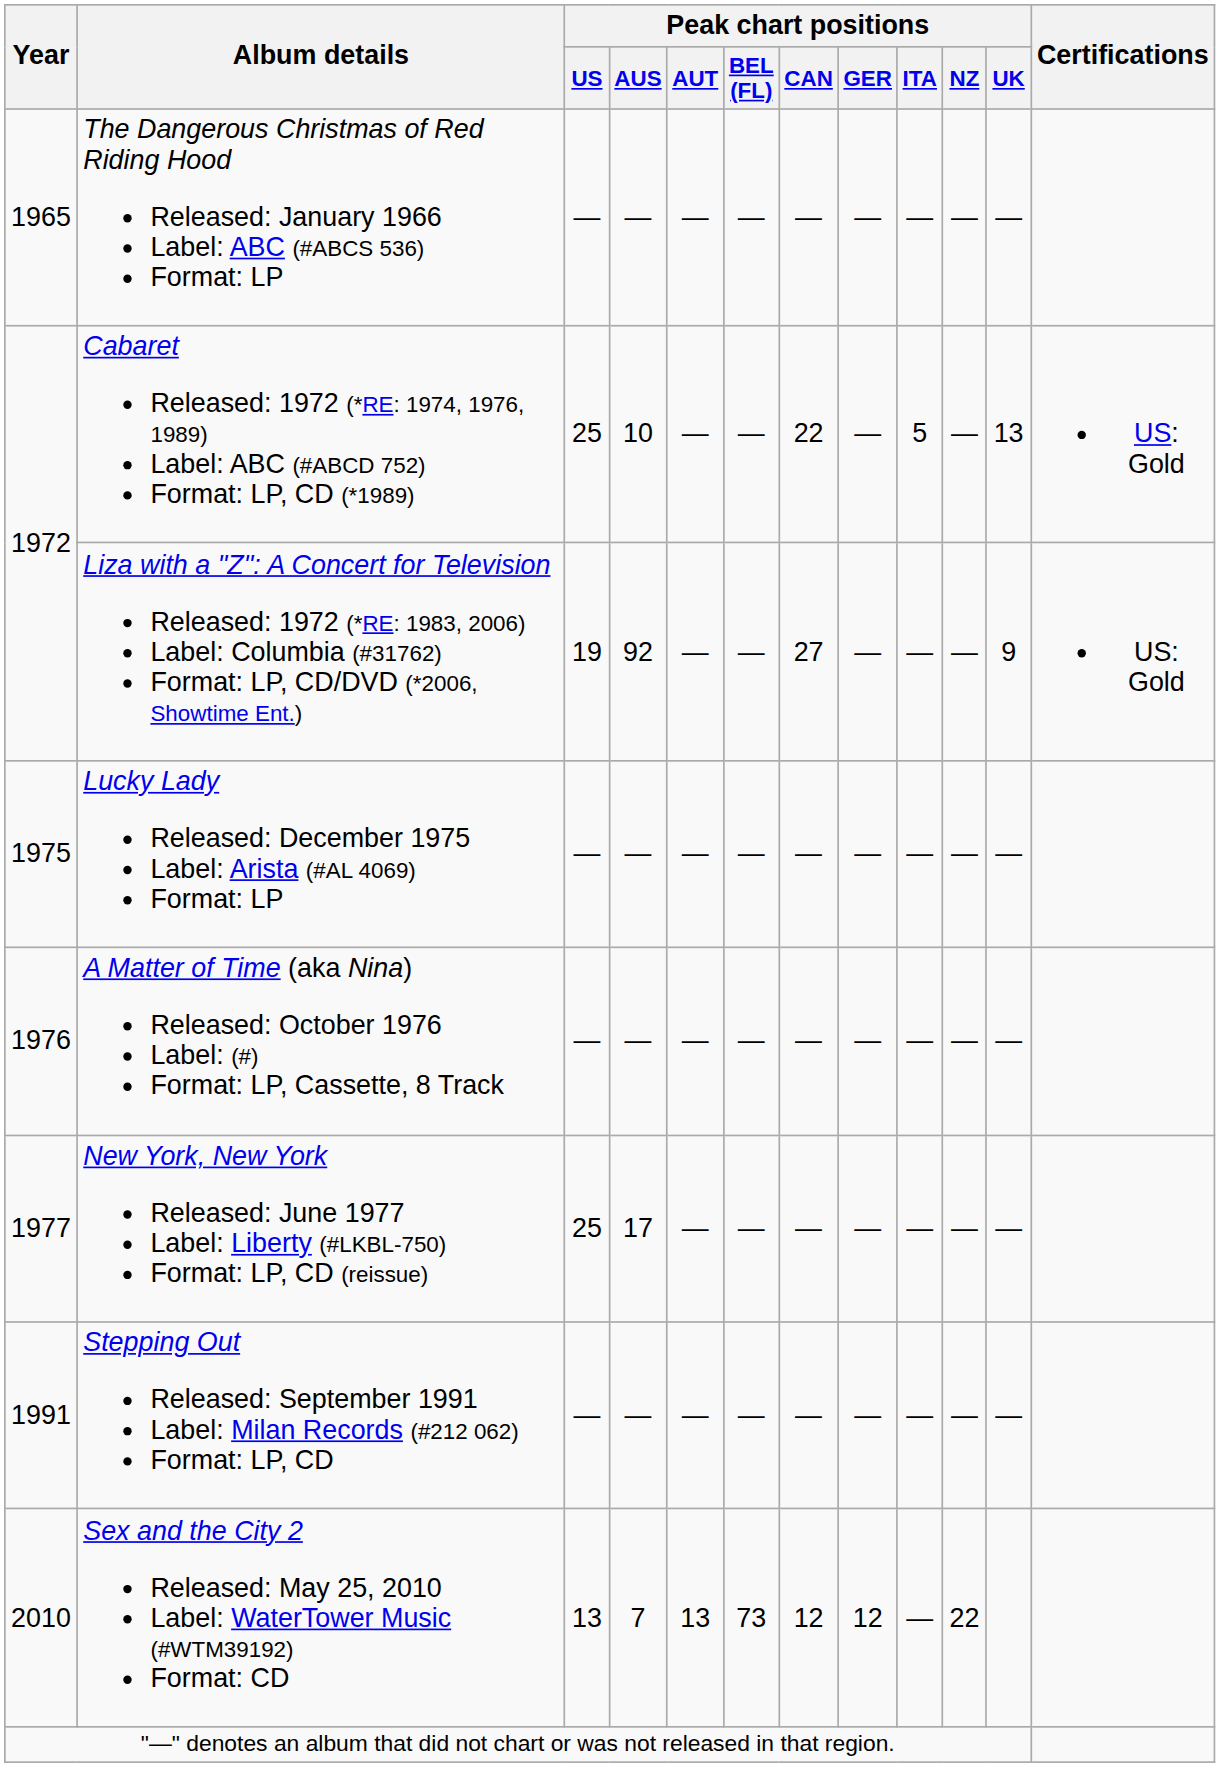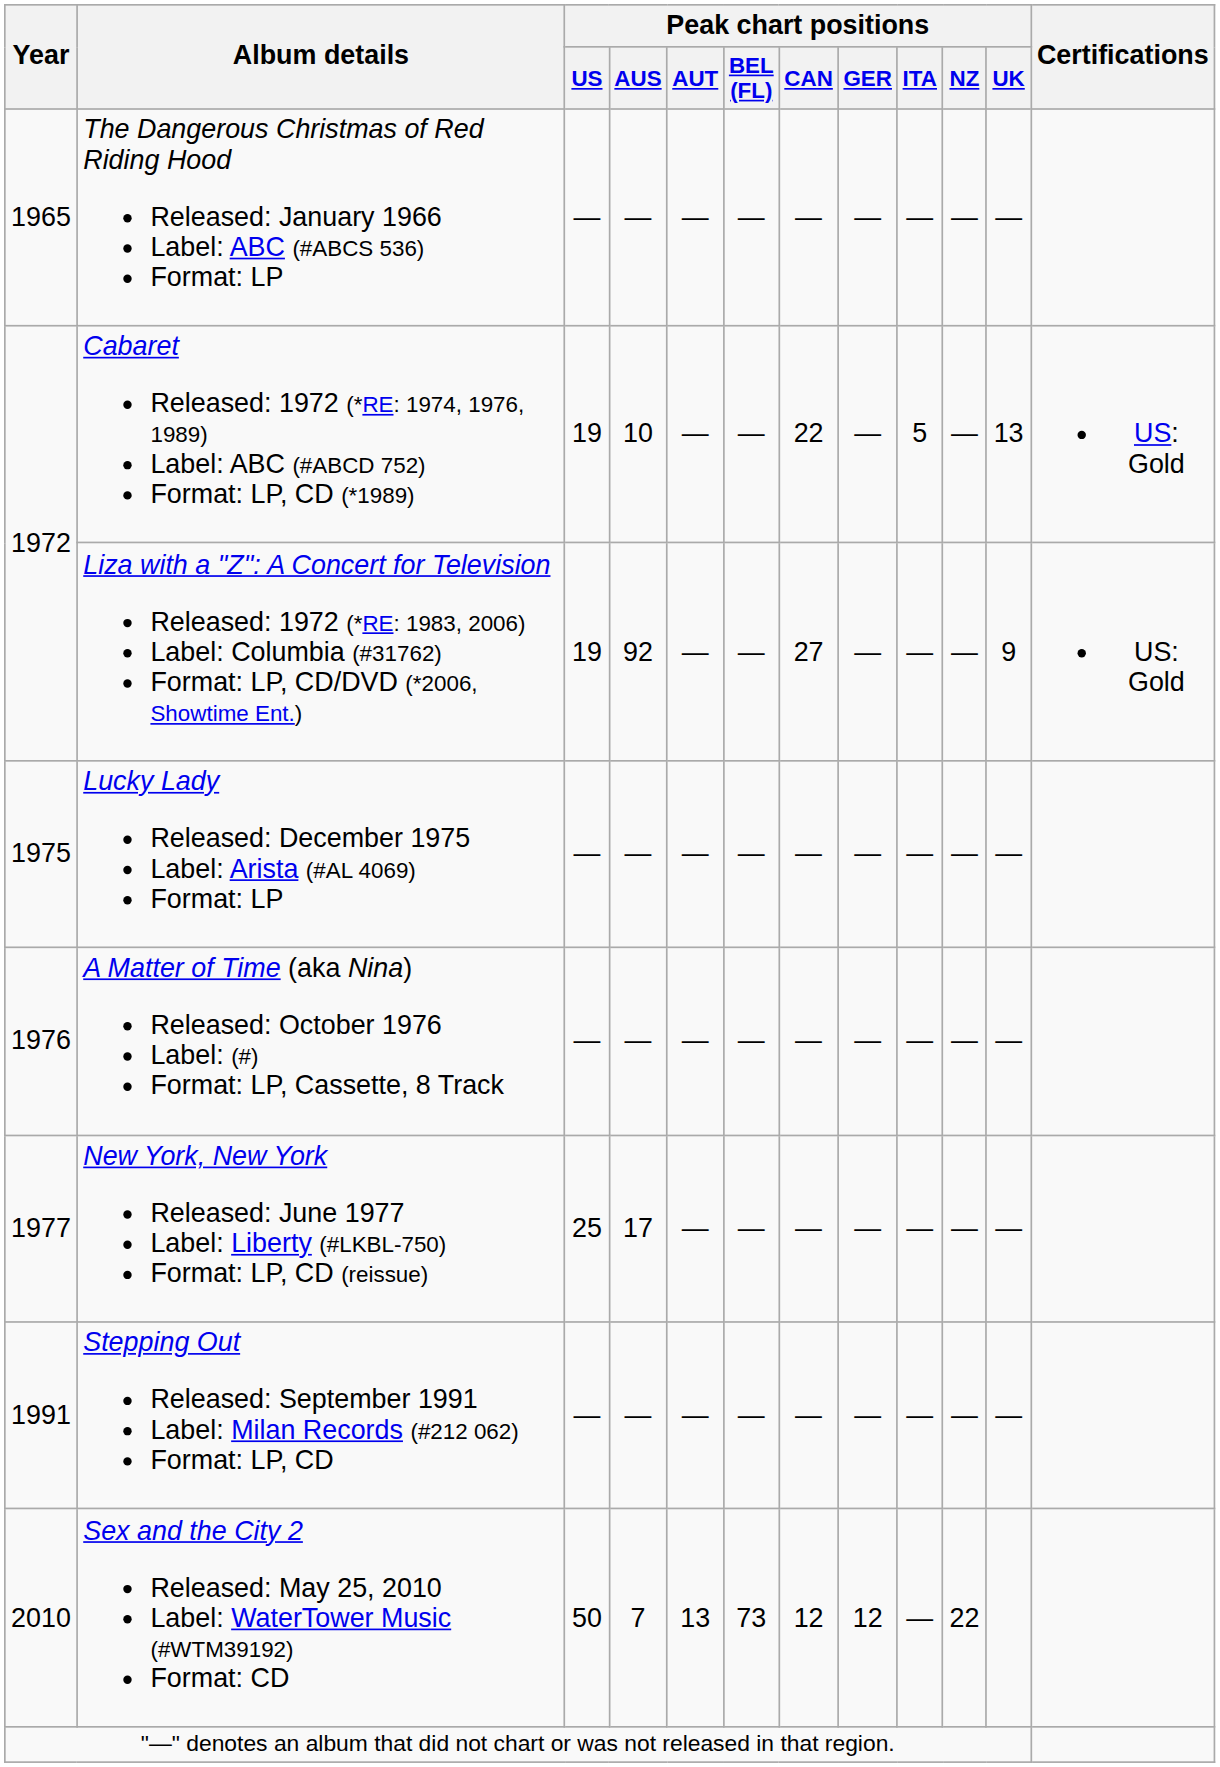 <table class="wikitable" style="text-align:center;">
 <tr>
 <th rowspan="2" style="width:30px;">Year</th>
 <th rowspan="2" style="width:283px;">Album details</th>
 <th colspan="9" style="width:220px;">Peak chart positions</th>
 <th rowspan="2" style="width:100px;">Certifications</th>
 </tr>
 <tr style="font-size:smaller;">
 <th style="width:20px;"><a href='#'>US</a><br></th>
 <th style="width:20px;"><a href='#'>AUS</a><br></th>
 <th style="width:20px;"><a href='#'>AUT</a><br></th>
 <th style="width:20px;"><a href='#'>BEL<br>(FL)</a><br></th>
 <th style="width:20px;"><a href='#'>CAN</a><br></th>
 <th style="width:20px;"><a href='#'>GER</a><br></th>
 <th style="width:20px;"><a href='#'>ITA</a><br></th>
 <th style="width:20px;"><a href='#'>NZ</a><br></th>
 <th style="width:20px;"><a href='#'>UK</a><br></th>
 </tr>
 <tr>
 <td>1965</td>
 <td align="left"><em>The Dangerous Christmas of Red Riding Hood</em><br><ul><li>Released: January 1966</li><li>Label: <a href='#'>ABC</a> <small>(#ABCS 536)</small></li><li>Format: LP</li></ul></td>
 <td>—</td>
 <td>—</td>
 <td>—</td>
 <td>—</td>
 <td>—</td>
 <td>—</td>
 <td>—</td>
 <td>—</td>
 <td>—</td>
 <td></td>
 </tr>
 <tr>
 <td rowspan="2">1972</td>
 <td align="left"><em><a href='#'>Cabaret</a></em><br><ul><li>Released: 1972 <small>(*<a href='#'>RE</a>: 1974, 1976, 1989)</small></li><li>Label: ABC <small>(#ABCD 752)</small></li><li>Format: LP, CD <small>(*1989)</small></li></ul></td>
-<td>25</td>
+<td>19</td>
 <td>10</td>
 <td>—</td>
 <td>—</td>
 <td>22</td>
 <td>—</td>
 <td>5</td>
 <td>—</td>
 <td>13</td>
 <td><br><ul><li><a href='#'>US</a>: Gold</li></ul></td>
 </tr>
 <tr>
 <td align="left"><em><a href='#'>Liza with a "Z": A Concert for Television</a></em><br><ul><li>Released: 1972 <small>(*<a href='#'>RE</a>: 1983, 2006)</small></li><li>Label: Columbia <small>(#31762)</small></li><li>Format: LP, CD/DVD <small>(*2006, <a href='#'>Showtime Ent.</a>)</small></li></ul></td>
 <td>19</td>
 <td>92</td>
 <td>—</td>
 <td>—</td>
 <td>27</td>
 <td>—</td>
 <td>—</td>
 <td>—</td>
 <td>9</td>
 <td><br><ul><li>US: Gold</li></ul></td>
 </tr>
 <tr>
 <td>1975</td>
 <td align="left"><em><a href='#'>Lucky Lady</a></em><br><ul><li>Released: December 1975</li><li>Label: <a href='#'>Arista</a> <small>(#AL 4069)</small></li><li>Format: LP</li></ul></td>
 <td>—</td>
 <td>—</td>
 <td>—</td>
 <td>—</td>
 <td>—</td>
 <td>—</td>
 <td>—</td>
 <td>—</td>
 <td>—</td>
 <td></td>
 </tr>
 <tr>
 <td>1976</td>
 <td align="left"><em><a href='#'>A Matter of Time</a></em> (aka <em>Nina</em>)<br><ul><li>Released: October 1976</li><li>Label: <small>(#)</small></li><li>Format: LP, Cassette, 8 Track</li></ul></td>
 <td>—</td>
 <td>—</td>
 <td>—</td>
 <td>—</td>
 <td>—</td>
 <td>—</td>
 <td>—</td>
 <td>—</td>
 <td>—</td>
 <td></td>
 </tr>
 <tr>
 <td>1977</td>
 <td align="left"><em><a href='#'>New York, New York</a></em><br><ul><li>Released: June 1977</li><li>Label: <a href='#'>Liberty</a> <small>(#LKBL-750)</small></li><li>Format: LP, CD <small>(reissue)</small></li></ul></td>
 <td>25</td>
 <td>17</td>
 <td>—</td>
 <td>—</td>
 <td>—</td>
 <td>—</td>
 <td>—</td>
 <td>—</td>
 <td>—</td>
 <td></td>
 </tr>
 <tr>
 <td>1991</td>
 <td align="left"><em><a href='#'>Stepping Out</a></em><br><ul><li>Released: September 1991</li><li>Label: <a href='#'>Milan Records</a> <small>(#212 062)</small></li><li>Format: LP, CD</li></ul></td>
 <td>—</td>
 <td>—</td>
 <td>—</td>
 <td>—</td>
 <td>—</td>
 <td>—</td>
 <td>—</td>
 <td>—</td>
 <td>—</td>
 <td></td>
 </tr>
 <tr>
 <td>2010</td>
 <td align="left"><em><a href='#'>Sex and the City 2</a></em><br><ul><li>Released: May 25, 2010</li><li>Label: <a href='#'>WaterTower Music</a> <small>(#WTM39192)</small></li><li>Format: CD</li></ul></td>
-<td>13</td>
+<td>50</td>
 <td>7</td>
 <td>13</td>
 <td>73</td>
 <td>12</td>
 <td>12</td>
 <td>—</td>
 <td>22</td>
 <td></td>
 <td></td>
 </tr>
 <tr>
 <td colspan="11" style="font-size: 85%">"—" denotes an album that did not chart or was not released in that region.</td>
 </tr>
 </table>
